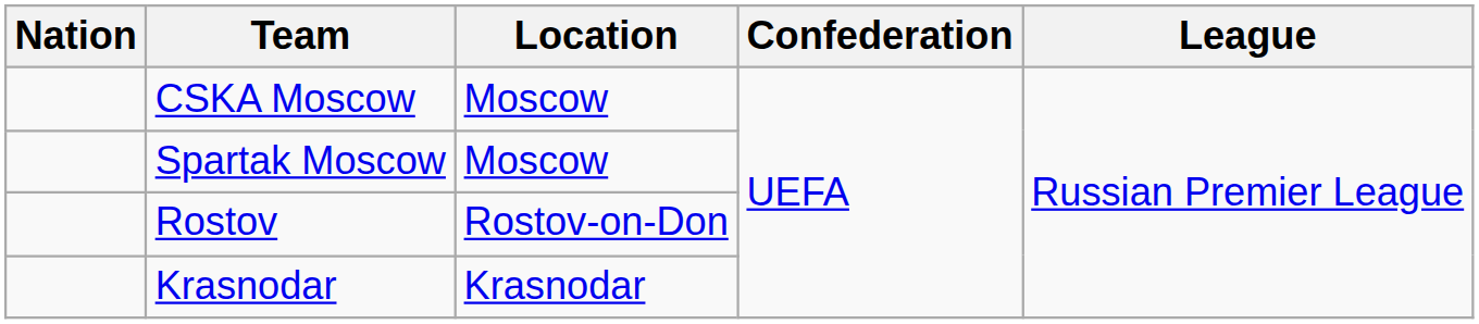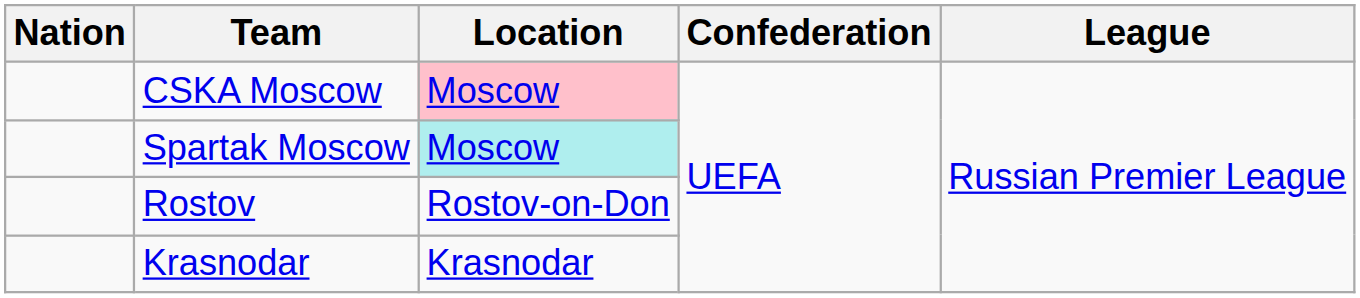 <table class="wikitable sortable">
 <tr>
 <th>Nation</th>
 <th>Team</th>
 <th>Location</th>
 <th>Confederation</th>
 <th>League</th>
 </tr>
 <tr>
 <td></td>
 <td><a href='#'>CSKA Moscow</a></td>
-<td><a href='#'>Moscow</a></td>
+<td style="background: pink;"><a href='#'>Moscow</a></td>
 <td rowspan=4><a href='#'>UEFA</a></td>
 <td rowspan=4><a href='#'>Russian Premier League</a></td>
 </tr>
 <tr>
 <td></td>
 <td><a href='#'>Spartak Moscow</a></td>
-<td><a href='#'>Moscow</a></td>
+<td style="background: paleturquoise;"><a href='#'>Moscow</a></td>
 </tr>
 <tr>
 <td></td>
 <td><a href='#'>Rostov</a></td>
 <td><a href='#'>Rostov-on-Don</a></td>
 </tr>
 <tr>
 <td></td>
 <td><a href='#'>Krasnodar</a></td>
 <td><a href='#'>Krasnodar</a></td>
 </tr>
 </table>
